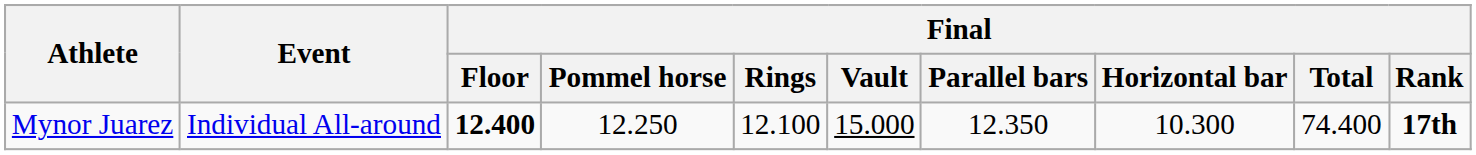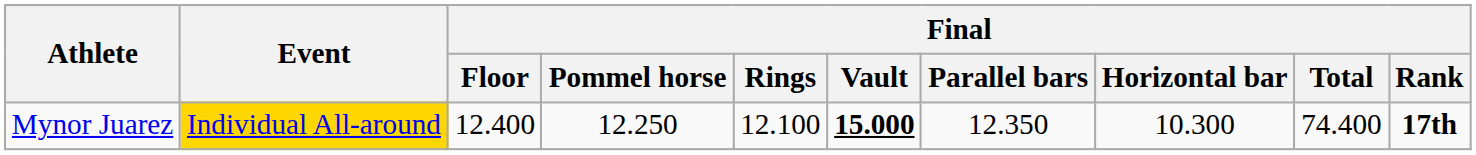 <table class="wikitable" style="font-size:90%">
 <tr>
 <th rowspan="2">Athlete</th>
 <th rowspan="2">Event</th>
 <th colspan = "8">Final</th>
 </tr>
 <tr>
 <th>Floor</th>
 <th>Pommel horse</th>
 <th>Rings</th>
 <th>Vault</th>
 <th>Parallel bars</th>
 <th>Horizontal bar</th>
 <th>Total</th>
 <th>Rank</th>
 </tr>
 <tr>
 <td><a href='#'>Mynor Juarez</a></td>
-<td><a href='#'>Individual All-around</a></td>
-<td align=center><strong>12.400</strong></td>
+<td style="background: gold;"><a href='#'>Individual All-around</a></td>
+<td align=center>12.400</td>
 <td align=center>12.250</td>
 <td align=center>12.100</td>
-<td align=center><u>15.000</u></td>
+<td align=center><strong><u>15.000</u></strong></td>
 <td align=center>12.350</td>
 <td align=center>10.300</td>
 <td align=center>74.400</td>
 <td align=center><strong>17th</strong></td>
 </tr>
 </table>
